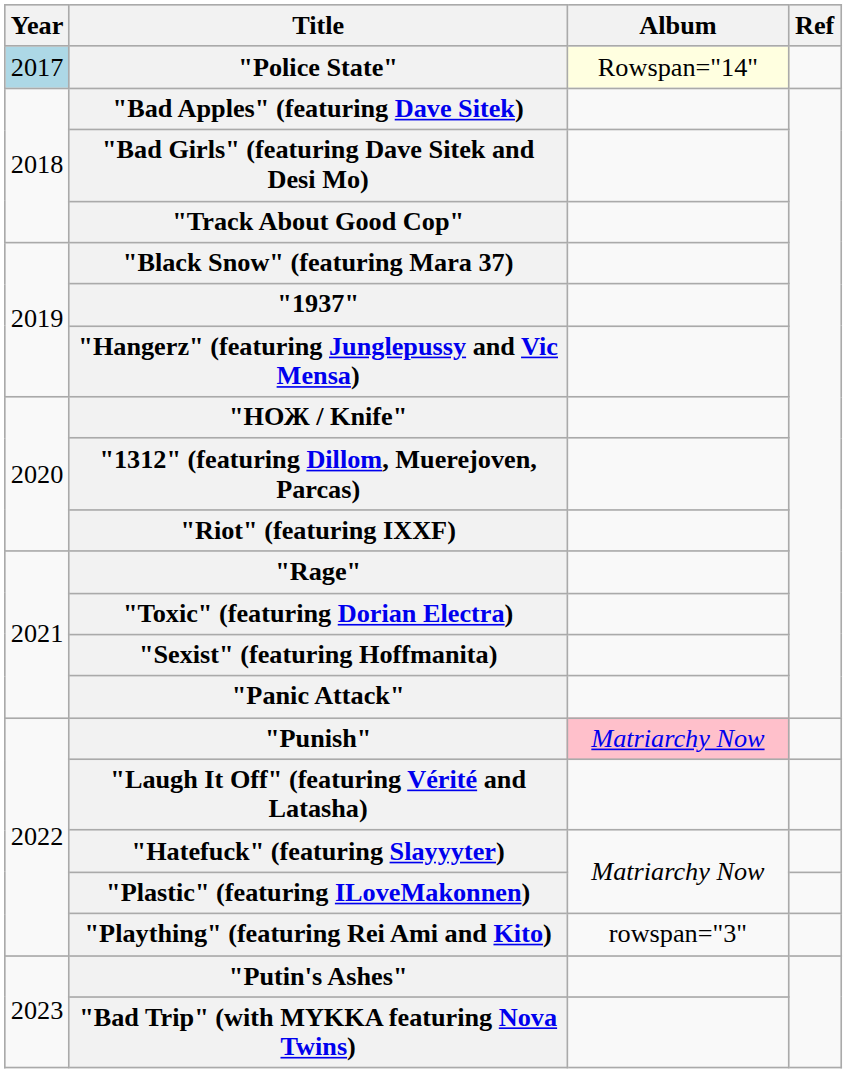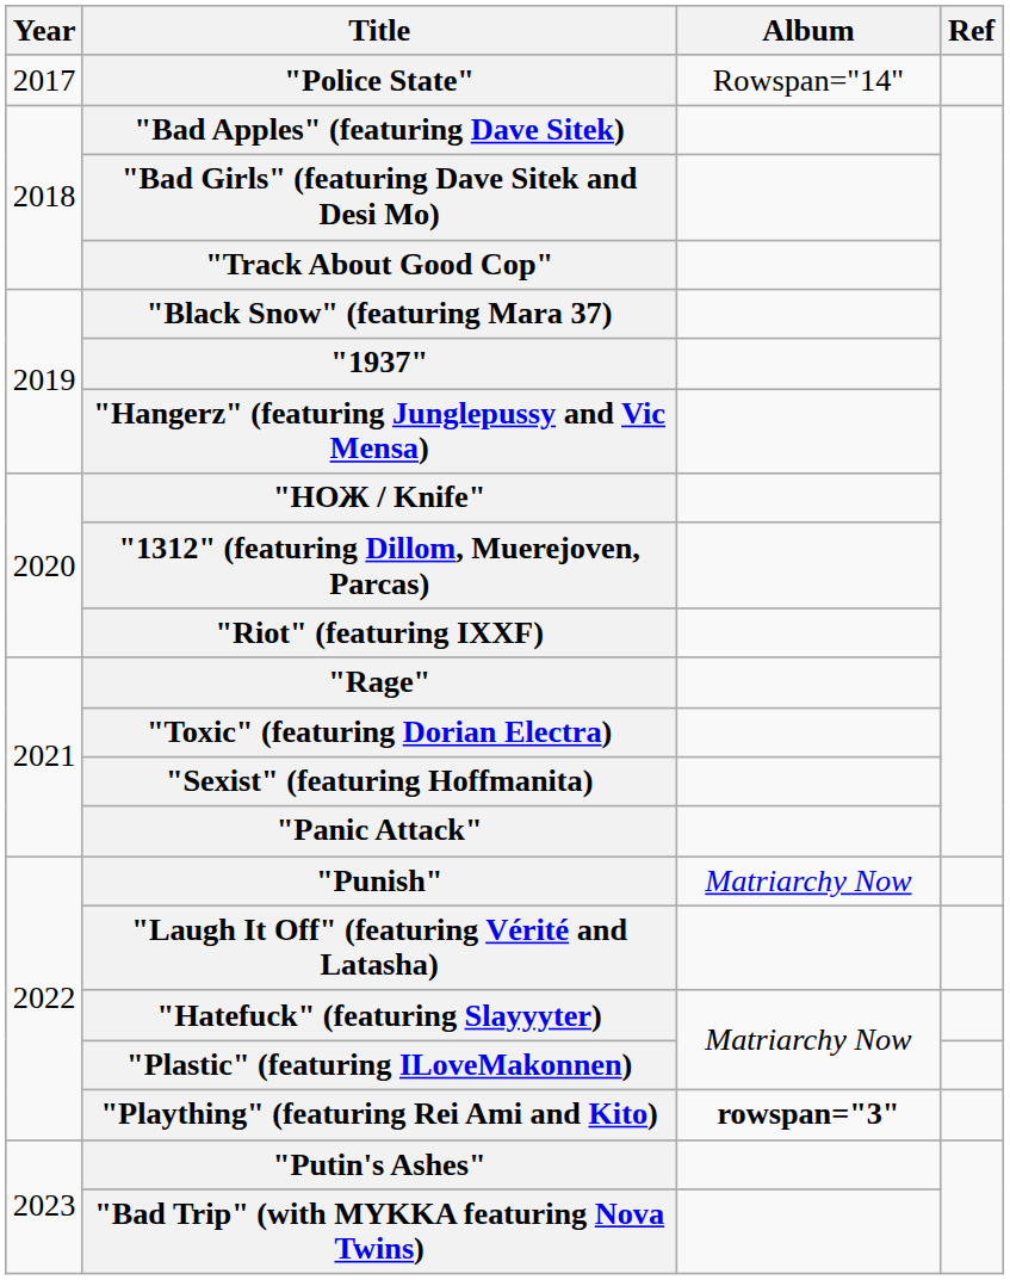 <table class="wikitable plainrowheaders" style="text-align:center;">
 <tr>
 <th scope="col" style="width:2em;">Year</th>
 <th scope="col" style="width:18.5em;">Title</th>
 <th scope="col" style="width:8em;">Album</th>
 <th scope="col" style="width:1.5em;">Ref</th>
 </tr>
 <tr>
-<td style="background: lightblue;">2017</td>
+<td>2017</td>
 <th scope="row">"Police State"</th>
-<td style="background: lightyellow;">Rowspan="14" </td>
+<td>Rowspan="14" </td>
 <td></td>
 </tr>
 <tr>
 <td rowspan="3">2018</td>
 <th scope="row">"Bad Apples"<span> (featuring <a href='#'>Dave Sitek</a>)</span></th>
 <td></td>
 </tr>
 <tr>
 <th scope="row">"Bad Girls"<span> (featuring Dave Sitek and Desi Mo)</span></th>
 <td></td>
 </tr>
 <tr>
 <th scope="row">"Track About Good Cop"</th>
 <td></td>
 </tr>
 <tr>
 <td rowspan="3">2019</td>
 <th scope="row">"Black Snow"<span> (featuring Mara 37)</span></th>
 <td></td>
 </tr>
 <tr>
 <th scope="row">"1937"</th>
 <td></td>
 </tr>
 <tr>
 <th scope="row">"Hangerz"<span> (featuring <a href='#'>Junglepussy</a> and <a href='#'>Vic Mensa</a>)</span></th>
 <td></td>
 </tr>
 <tr>
 <td rowspan="3">2020</td>
 <th scope="row">"НОЖ / Knife"</th>
 <td></td>
 </tr>
 <tr>
 <th scope="row">"1312" <span>(featuring <a href='#'>Dillom</a>, Muerejoven, Parcas)</span></th>
 <td></td>
 </tr>
 <tr>
 <th scope="row">"Riot" <span>(featuring IXXF)</span></th>
 <td></td>
 </tr>
 <tr>
 <td rowspan="4">2021</td>
 <th scope="row">"Rage"</th>
 <td></td>
 </tr>
 <tr>
 <th scope="row">"Toxic" <span>(featuring <a href='#'>Dorian Electra</a>)</span></th>
 <td></td>
 </tr>
 <tr>
 <th scope="row">"Sexist" <span>(featuring Hoffmanita)</span></th>
 <td></td>
 </tr>
 <tr>
 <th scope="row">"Panic Attack"</th>
 <td></td>
 </tr>
 <tr>
 <td rowspan="5">2022</td>
 <th scope="row">"Punish"</th>
-<td style="background: pink;"><em><a href='#'>Matriarchy Now</a></em></td>
+<td><em><a href='#'>Matriarchy Now</a></em></td>
 <td></td>
 </tr>
 <tr>
 <th scope="row">"Laugh It Off" <span>(featuring <a href='#'>Vérité</a> and Latasha)</span></th>
 <td></td>
 <td></td>
 </tr>
 <tr>
 <th scope="row">"Hatefuck" <span>(featuring <a href='#'>Slayyyter</a>)</span></th>
 <td rowspan="2"><em>Matriarchy Now</em></td>
 <td></td>
 </tr>
 <tr>
 <th scope="row">"Plastic" <span>(featuring <a href='#'>ILoveMakonnen</a>)</span></th>
 <td></td>
 </tr>
 <tr>
 <th scope="row">"Plaything" <span>(featuring Rei Ami and <a href='#'>Kito</a>)</span></th>
-<td>rowspan="3" </td>
+<td><strong>rowspan="3" </strong></td>
 <td></td>
 </tr>
 <tr>
 <td rowspan="2">2023</td>
 <th scope="row">"Putin's Ashes"</th>
 <td></td>
 </tr>
 <tr>
 <th scope="row">"Bad Trip" <span>(with MYKKA featuring <a href='#'>Nova Twins</a>)</span></th>
 <td></td>
 </tr>
 </table>
